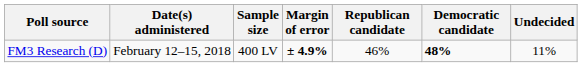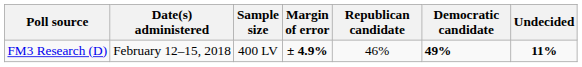 <table class="wikitable">
 <tr>
 <th>Poll source</th>
 <th>Date(s)<br>administered</th>
 <th>Sample<br>size</th>
 <th>Margin<br>of error</th>
 <th style="width:100px;">Republican<br>candidate</th>
 <th style="width:100px;">Democratic<br>candidate</th>
 <th>Undecided</th>
 </tr>
 <tr>
 <td><a href='#'>FM3 Research (D)</a></td>
 <td style="text-align:center">February 12–15, 2018</td>
 <td style="text-align:center">400 LV</td>
 <td style="text-align:center"><strong>± 4.9%</strong></td>
 <td style="text-align:center">46%</td>
-<td style="background-color:"><strong>48%</strong></td>
-<td style="text-align:center">11%</td>
+<td style="background-color:"><strong>49%</strong></td>
+<td style="text-align:center"><strong>11%</strong></td>
 </tr>
 </table>
